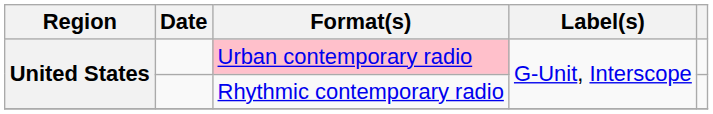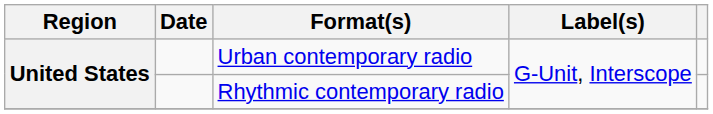 <table class="wikitable plainrowheaders" style="text-align:left">
 <tr>
 <th scope="col">Region</th>
 <th scope="col">Date</th>
 <th scope="col">Format(s)</th>
 <th scope="col">Label(s)</th>
 <th scope="col"></th>
 </tr>
 <tr>
 <th scope="row" rowspan="2">United States</th>
 <td></td>
-<td style="background: pink;"><a href='#'>Urban contemporary radio</a></td>
+<td><a href='#'>Urban contemporary radio</a></td>
 <td rowspan="2"><a href='#'>G-Unit</a>, <a href='#'>Interscope</a></td>
 <td></td>
 </tr>
 <tr>
 <td></td>
 <td><a href='#'>Rhythmic contemporary radio</a></td>
 <td></td>
 </tr>
 <tr>
 </tr>
 </table>
